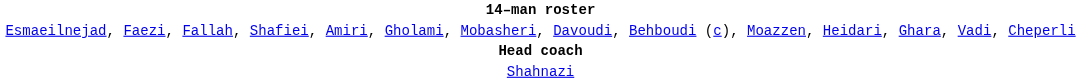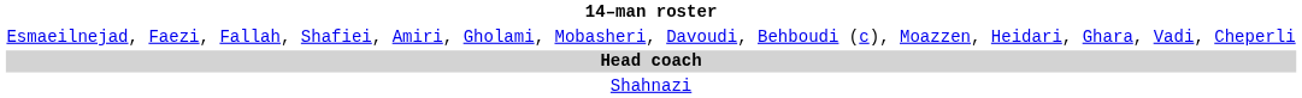 <table style="text-align:center; margin-top:2em; margin-left:auto; margin-right:auto">
 <tr>
 <td><strong>14–man roster</strong></td>
 </tr>
 <tr>
 <td><a href='#'>Esmaeilnejad</a>, <a href='#'>Faezi</a>, <a href='#'>Fallah</a>, <a href='#'>Shafiei</a>, <a href='#'>Amiri</a>, <a href='#'>Gholami</a>, <a href='#'>Mobasheri</a>, <a href='#'>Davoudi</a>, <a href='#'>Behboudi</a> (<a href='#'>c</a>), <a href='#'>Moazzen</a>, <a href='#'>Heidari</a>, <a href='#'>Ghara</a>, <a href='#'>Vadi</a>, <a href='#'>Cheperli</a></td>
 </tr>
 <tr>
-<td><strong>Head coach</strong></td>
+<td style="background: lightgrey;"><strong>Head coach</strong></td>
 </tr>
 <tr>
 <td><a href='#'>Shahnazi</a></td>
 </tr>
 </table>
